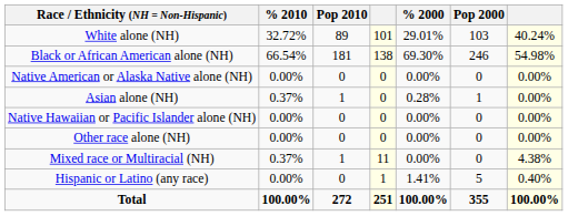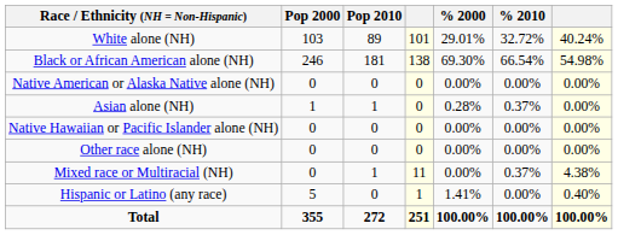 <table class="wikitable" style="text-align:center;">
 <tr>
 <th>Race / Ethnicity <small>(<em>NH = Non-Hispanic</em>)</small></th>
-<th>% 2010</th>
+<th>Pop 2000</th>
 <th>Pop 2010</th>
 <th></th>
 <th>% 2000</th>
-<th>Pop 2000</th>
+<th>% 2010</th>
 <th></th>
 </tr>
 <tr>
 <td><a href='#'>White</a> alone (NH)</td>
-<td>32.72%</td>
+<td>103</td>
 <td>89</td>
 <td style='background: #ffffe6;'>101</td>
 <td>29.01%</td>
-<td>103</td>
+<td>32.72%</td>
 <td style='background: #ffffe6;'>40.24%</td>
 </tr>
 <tr>
 <td><a href='#'>Black or African American</a> alone (NH)</td>
-<td>66.54%</td>
+<td>246</td>
 <td>181</td>
 <td style='background: #ffffe6;'>138</td>
 <td>69.30%</td>
-<td>246</td>
+<td>66.54%</td>
 <td style='background: #ffffe6;'>54.98%</td>
 </tr>
 <tr>
 <td><a href='#'>Native American</a> or <a href='#'>Alaska Native</a> alone (NH)</td>
-<td>0.00%</td>
+<td>0</td>
 <td>0</td>
 <td style='background: #ffffe6;'>0</td>
 <td>0.00%</td>
-<td>0</td>
+<td>0.00%</td>
 <td style='background: #ffffe6;'>0.00%</td>
 </tr>
 <tr>
 <td><a href='#'>Asian</a> alone (NH)</td>
-<td>0.37%</td>
+<td>1</td>
 <td>1</td>
 <td style='background: #ffffe6;'>0</td>
 <td>0.28%</td>
-<td>1</td>
+<td>0.37%</td>
 <td style='background: #ffffe6;'>0.00%</td>
 </tr>
 <tr>
 <td><a href='#'>Native Hawaiian</a> or <a href='#'>Pacific Islander</a> alone (NH)</td>
-<td>0.00%</td>
+<td>0</td>
 <td>0</td>
 <td style='background: #ffffe6;'>0</td>
 <td>0.00%</td>
-<td>0</td>
+<td>0.00%</td>
 <td style='background: #ffffe6;'>0.00%</td>
 </tr>
 <tr>
 <td><a href='#'>Other race</a> alone (NH)</td>
-<td>0.00%</td>
+<td>0</td>
 <td>0</td>
 <td style='background: #ffffe6;'>0</td>
 <td>0.00%</td>
-<td>0</td>
+<td>0.00%</td>
 <td style='background: #ffffe6;'>0.00%</td>
 </tr>
 <tr>
 <td><a href='#'>Mixed race or Multiracial</a> (NH)</td>
-<td>0.37%</td>
+<td>0</td>
 <td>1</td>
 <td style='background: #ffffe6;'>11</td>
 <td>0.00%</td>
-<td>0</td>
+<td>0.37%</td>
 <td style='background: #ffffe6;'>4.38%</td>
 </tr>
 <tr>
 <td><a href='#'>Hispanic or Latino</a> (any race)</td>
-<td>0.00%</td>
+<td>5</td>
 <td>0</td>
 <td style='background: #ffffe6;'>1</td>
 <td>1.41%</td>
-<td>5</td>
+<td>0.00%</td>
 <td style='background: #ffffe6;'>0.40%</td>
 </tr>
 <tr>
 <td><strong>Total</strong></td>
-<td><strong>100.00%</strong></td>
+<td><strong>355</strong></td>
 <td><strong>272</strong></td>
 <td style='background: #ffffe6;'><strong>251</strong></td>
 <td><strong>100.00%</strong></td>
-<td><strong>355</strong></td>
+<td><strong>100.00%</strong></td>
 <td style='background: #ffffe6;'><strong>100.00%</strong></td>
 </tr>
 </table>
